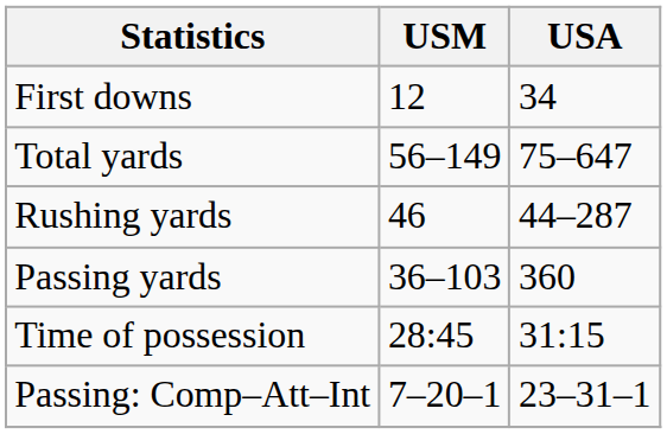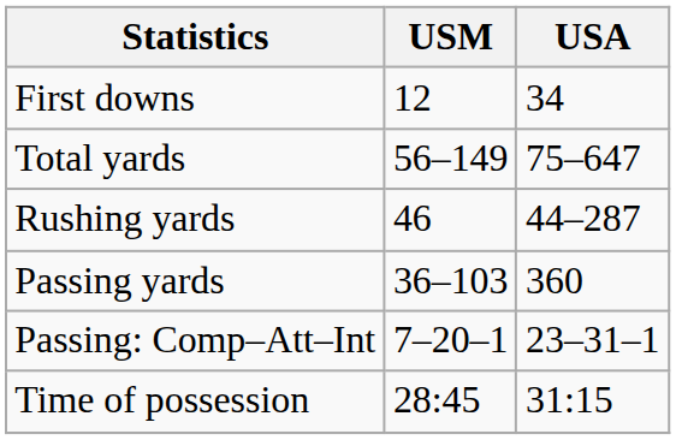 <table class="wikitable" style="float: left;">
 <tr>
 <th>Statistics</th>
 <th>USM</th>
 <th>USA</th>
 </tr>
 <tr>
 <td>First downs</td>
 <td>12</td>
 <td>34</td>
 </tr>
 <tr>
 <td>Total yards</td>
 <td>56–149</td>
 <td>75–647</td>
 </tr>
 <tr>
 <td>Rushing yards</td>
 <td>46</td>
 <td>44–287</td>
 </tr>
 <tr>
 <td>Passing yards</td>
 <td>36–103</td>
 <td>360</td>
 </tr>
 <tr>
+<td>Passing: Comp–Att–Int</td>
+<td>7–20–1</td>
+<td>23–31–1</td>
+</tr>
+<tr>
 <td>Time of possession</td>
 <td>28:45</td>
 <td>31:15</td>
 </tr>
 <tr>
-<td>Passing: Comp–Att–Int</td>
-<td>7–20–1</td>
-<td>23–31–1</td>
-</tr>
-<tr>
 </tr>
 </table>
